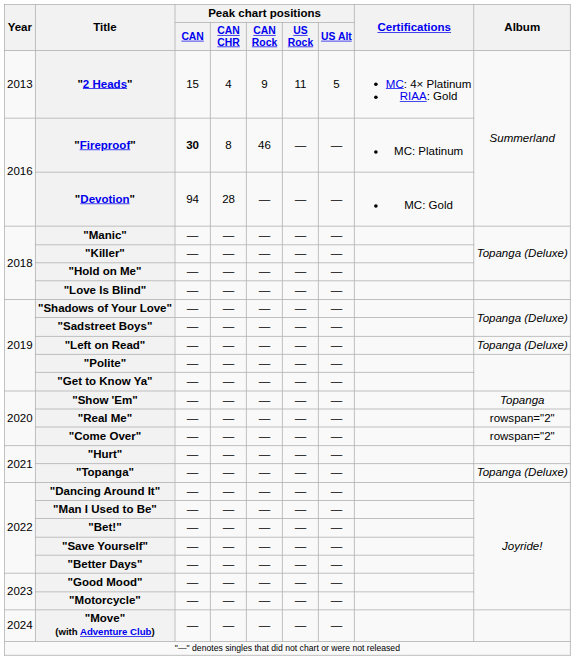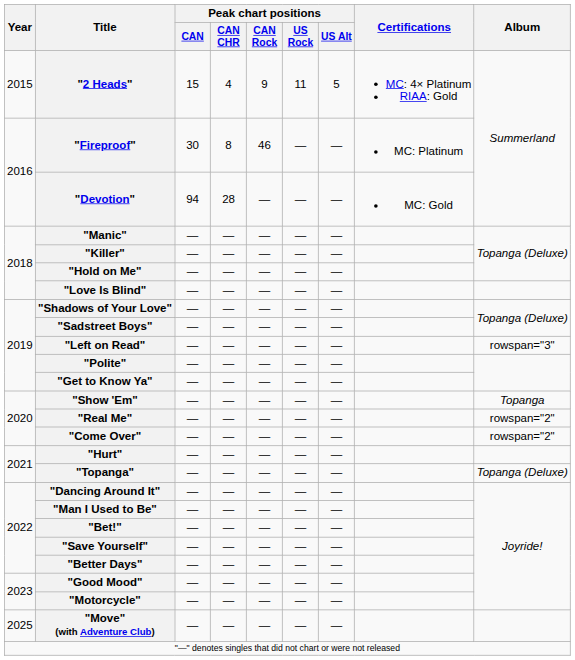 <table class="wikitable plainrowheaders" style="text-align:center;">
 <tr>
 <th scope="col" rowspan="2">Year</th>
 <th scope="col" rowspan="2">Title</th>
 <th scope="col" colspan="5">Peak chart positions</th>
 <th scope="col" rowspan="2"><a href='#'>Certifications</a></th>
 <th scope="col" rowspan="2">Album</th>
 </tr>
 <tr>
 <th scole="col" style="width:3em;font-size:90%;"><a href='#'>CAN</a><br></th>
 <th scole="col" style="width:3em;font-size:90%;"><a href='#'>CAN CHR</a><br></th>
 <th scole="col" style="width:3em;font-size:90%;"><a href='#'>CAN Rock</a><br></th>
 <th scope="col" style="width:3em;font-size:90%;"><a href='#'>US Rock</a><br></th>
 <th scope="col" style="width:3em;font-size:90%;"><a href='#'>US Alt</a><br></th>
 </tr>
 <tr>
-<td>2013</td>
+<td>2015</td>
 <th scope="row">"<a href='#'>2 Heads</a>"</th>
 <td>15</td>
 <td>4</td>
 <td>9</td>
 <td>11</td>
 <td>5</td>
 <td><br><ul><li><a href='#'>MC</a>: 4× Platinum</li><li><a href='#'>RIAA</a>: Gold</li></ul></td>
 <td rowspan="3"><em>Summerland</em></td>
 </tr>
 <tr>
 <td rowspan="2">2016</td>
 <th scope="row">"<a href='#'>Fireproof</a>"</th>
-<td><strong>30</strong></td>
+<td>30</td>
 <td>8</td>
 <td>46</td>
 <td>—</td>
 <td>—</td>
 <td><br><ul><li>MC: Platinum</li></ul></td>
 </tr>
 <tr>
 <th scope="row">"<a href='#'>Devotion</a>"</th>
 <td>94</td>
 <td>28</td>
 <td>—</td>
 <td>—</td>
 <td>—</td>
 <td><br><ul><li>MC: Gold</li></ul></td>
 </tr>
 <tr>
 <td rowspan="4">2018</td>
 <th scope="row">"Manic"</th>
 <td>—</td>
 <td>—</td>
 <td>—</td>
 <td>—</td>
 <td>—</td>
 <td></td>
 <td rowspan="3"><em>Topanga (Deluxe)</em></td>
 </tr>
 <tr>
 <th scope="row">"Killer"</th>
 <td>—</td>
 <td>—</td>
 <td>—</td>
 <td>—</td>
 <td>—</td>
 <td></td>
 </tr>
 <tr>
 <th scope="row">"Hold on Me"</th>
 <td>—</td>
 <td>—</td>
 <td>—</td>
 <td>—</td>
 <td>—</td>
 <td></td>
 </tr>
 <tr>
 <th scope="row">"Love Is Blind"</th>
 <td>—</td>
 <td>—</td>
 <td>—</td>
 <td>—</td>
 <td>—</td>
 <td></td>
 <td></td>
 </tr>
 <tr>
 <td rowspan="5">2019</td>
 <th scope="row">"Shadows of Your Love"</th>
 <td>—</td>
 <td>—</td>
 <td>—</td>
 <td>—</td>
 <td>—</td>
 <td></td>
 <td rowspan="2"><em>Topanga (Deluxe)</em></td>
 </tr>
 <tr>
 <th scope="row">"Sadstreet Boys"</th>
 <td>—</td>
 <td>—</td>
 <td>—</td>
 <td>—</td>
 <td>—</td>
 <td></td>
 </tr>
 <tr>
 <th scope="row">"Left on Read"</th>
 <td>—</td>
 <td>—</td>
 <td>—</td>
 <td>—</td>
 <td>—</td>
 <td></td>
-<td><em>Topanga (Deluxe)</em></td>
+<td>rowspan="3" </td>
 </tr>
 <tr>
 <th scope="row">"Polite"</th>
 <td>—</td>
 <td>—</td>
 <td>—</td>
 <td>—</td>
 <td>—</td>
 <td></td>
 </tr>
 <tr>
 <th scope="row">"Get to Know Ya"</th>
 <td>—</td>
 <td>—</td>
 <td>—</td>
 <td>—</td>
 <td>—</td>
 <td></td>
 </tr>
 <tr>
 <td rowspan="3">2020</td>
 <th scope="row">"Show 'Em"</th>
 <td>—</td>
 <td>—</td>
 <td>—</td>
 <td>—</td>
 <td>—</td>
 <td></td>
 <td><em>Topanga</em></td>
 </tr>
 <tr>
 <th scope="row">"Real Me"</th>
 <td>—</td>
 <td>—</td>
 <td>—</td>
 <td>—</td>
 <td>—</td>
 <td></td>
 <td>rowspan="2" </td>
 </tr>
 <tr>
 <th scope="row">"Come Over"</th>
 <td>—</td>
 <td>—</td>
 <td>—</td>
 <td>—</td>
 <td>—</td>
 <td></td>
 <td>rowspan="2" </td>
 </tr>
 <tr>
 <td rowspan="2">2021</td>
 <th scope="row">"Hurt"</th>
 <td>—</td>
 <td>—</td>
 <td>—</td>
 <td>—</td>
 <td>—</td>
 <td></td>
 </tr>
 <tr>
 <th scope="row">"Topanga"</th>
 <td>—</td>
 <td>—</td>
 <td>—</td>
 <td>—</td>
 <td>—</td>
 <td></td>
 <td><em>Topanga (Deluxe)</em></td>
 </tr>
 <tr>
 <td rowspan="5">2022</td>
 <th scope="row">"Dancing Around It"</th>
 <td>—</td>
 <td>—</td>
 <td>—</td>
 <td>—</td>
 <td>—</td>
 <td></td>
 <td rowspan="7"><em>Joyride!</em></td>
 </tr>
 <tr>
 <th scope="row">"Man I Used to Be"</th>
 <td>—</td>
 <td>—</td>
 <td>—</td>
 <td>—</td>
 <td>—</td>
 <td></td>
 </tr>
 <tr>
 <th scope="row">"Bet!"</th>
 <td>—</td>
 <td>—</td>
 <td>—</td>
 <td>—</td>
 <td>—</td>
 <td></td>
 </tr>
 <tr>
 <th scope="row">"Save Yourself"</th>
 <td>—</td>
 <td>—</td>
 <td>—</td>
 <td>—</td>
 <td>—</td>
 <td></td>
 </tr>
 <tr>
 <th scope="row">"Better Days"<br></th>
 <td>—</td>
 <td>—</td>
 <td>—</td>
 <td>—</td>
 <td>—</td>
 <td></td>
 </tr>
 <tr>
 <td rowspan="2">2023</td>
 <th scope="row">"Good Mood"</th>
 <td>—</td>
 <td>—</td>
 <td>—</td>
 <td>—</td>
 <td>—</td>
 <td></td>
 </tr>
 <tr>
 <th scope="row">"Motorcycle"<br></th>
 <td>—</td>
 <td>—</td>
 <td>—</td>
 <td>—</td>
 <td>—</td>
 <td></td>
 </tr>
 <tr>
-<td>2024</td>
+<td>2025</td>
 <th scope="row">"Move"<br><small>(with <a href='#'>Adventure Club</a>)</small></th>
 <td>—</td>
 <td>—</td>
 <td>—</td>
 <td>—</td>
 <td>—</td>
 <td></td>
 <td></td>
 </tr>
 <tr>
 <td colspan="9" style="font-size:9pt">"—" denotes singles that did not chart or were not released</td>
 </tr>
 </table>
